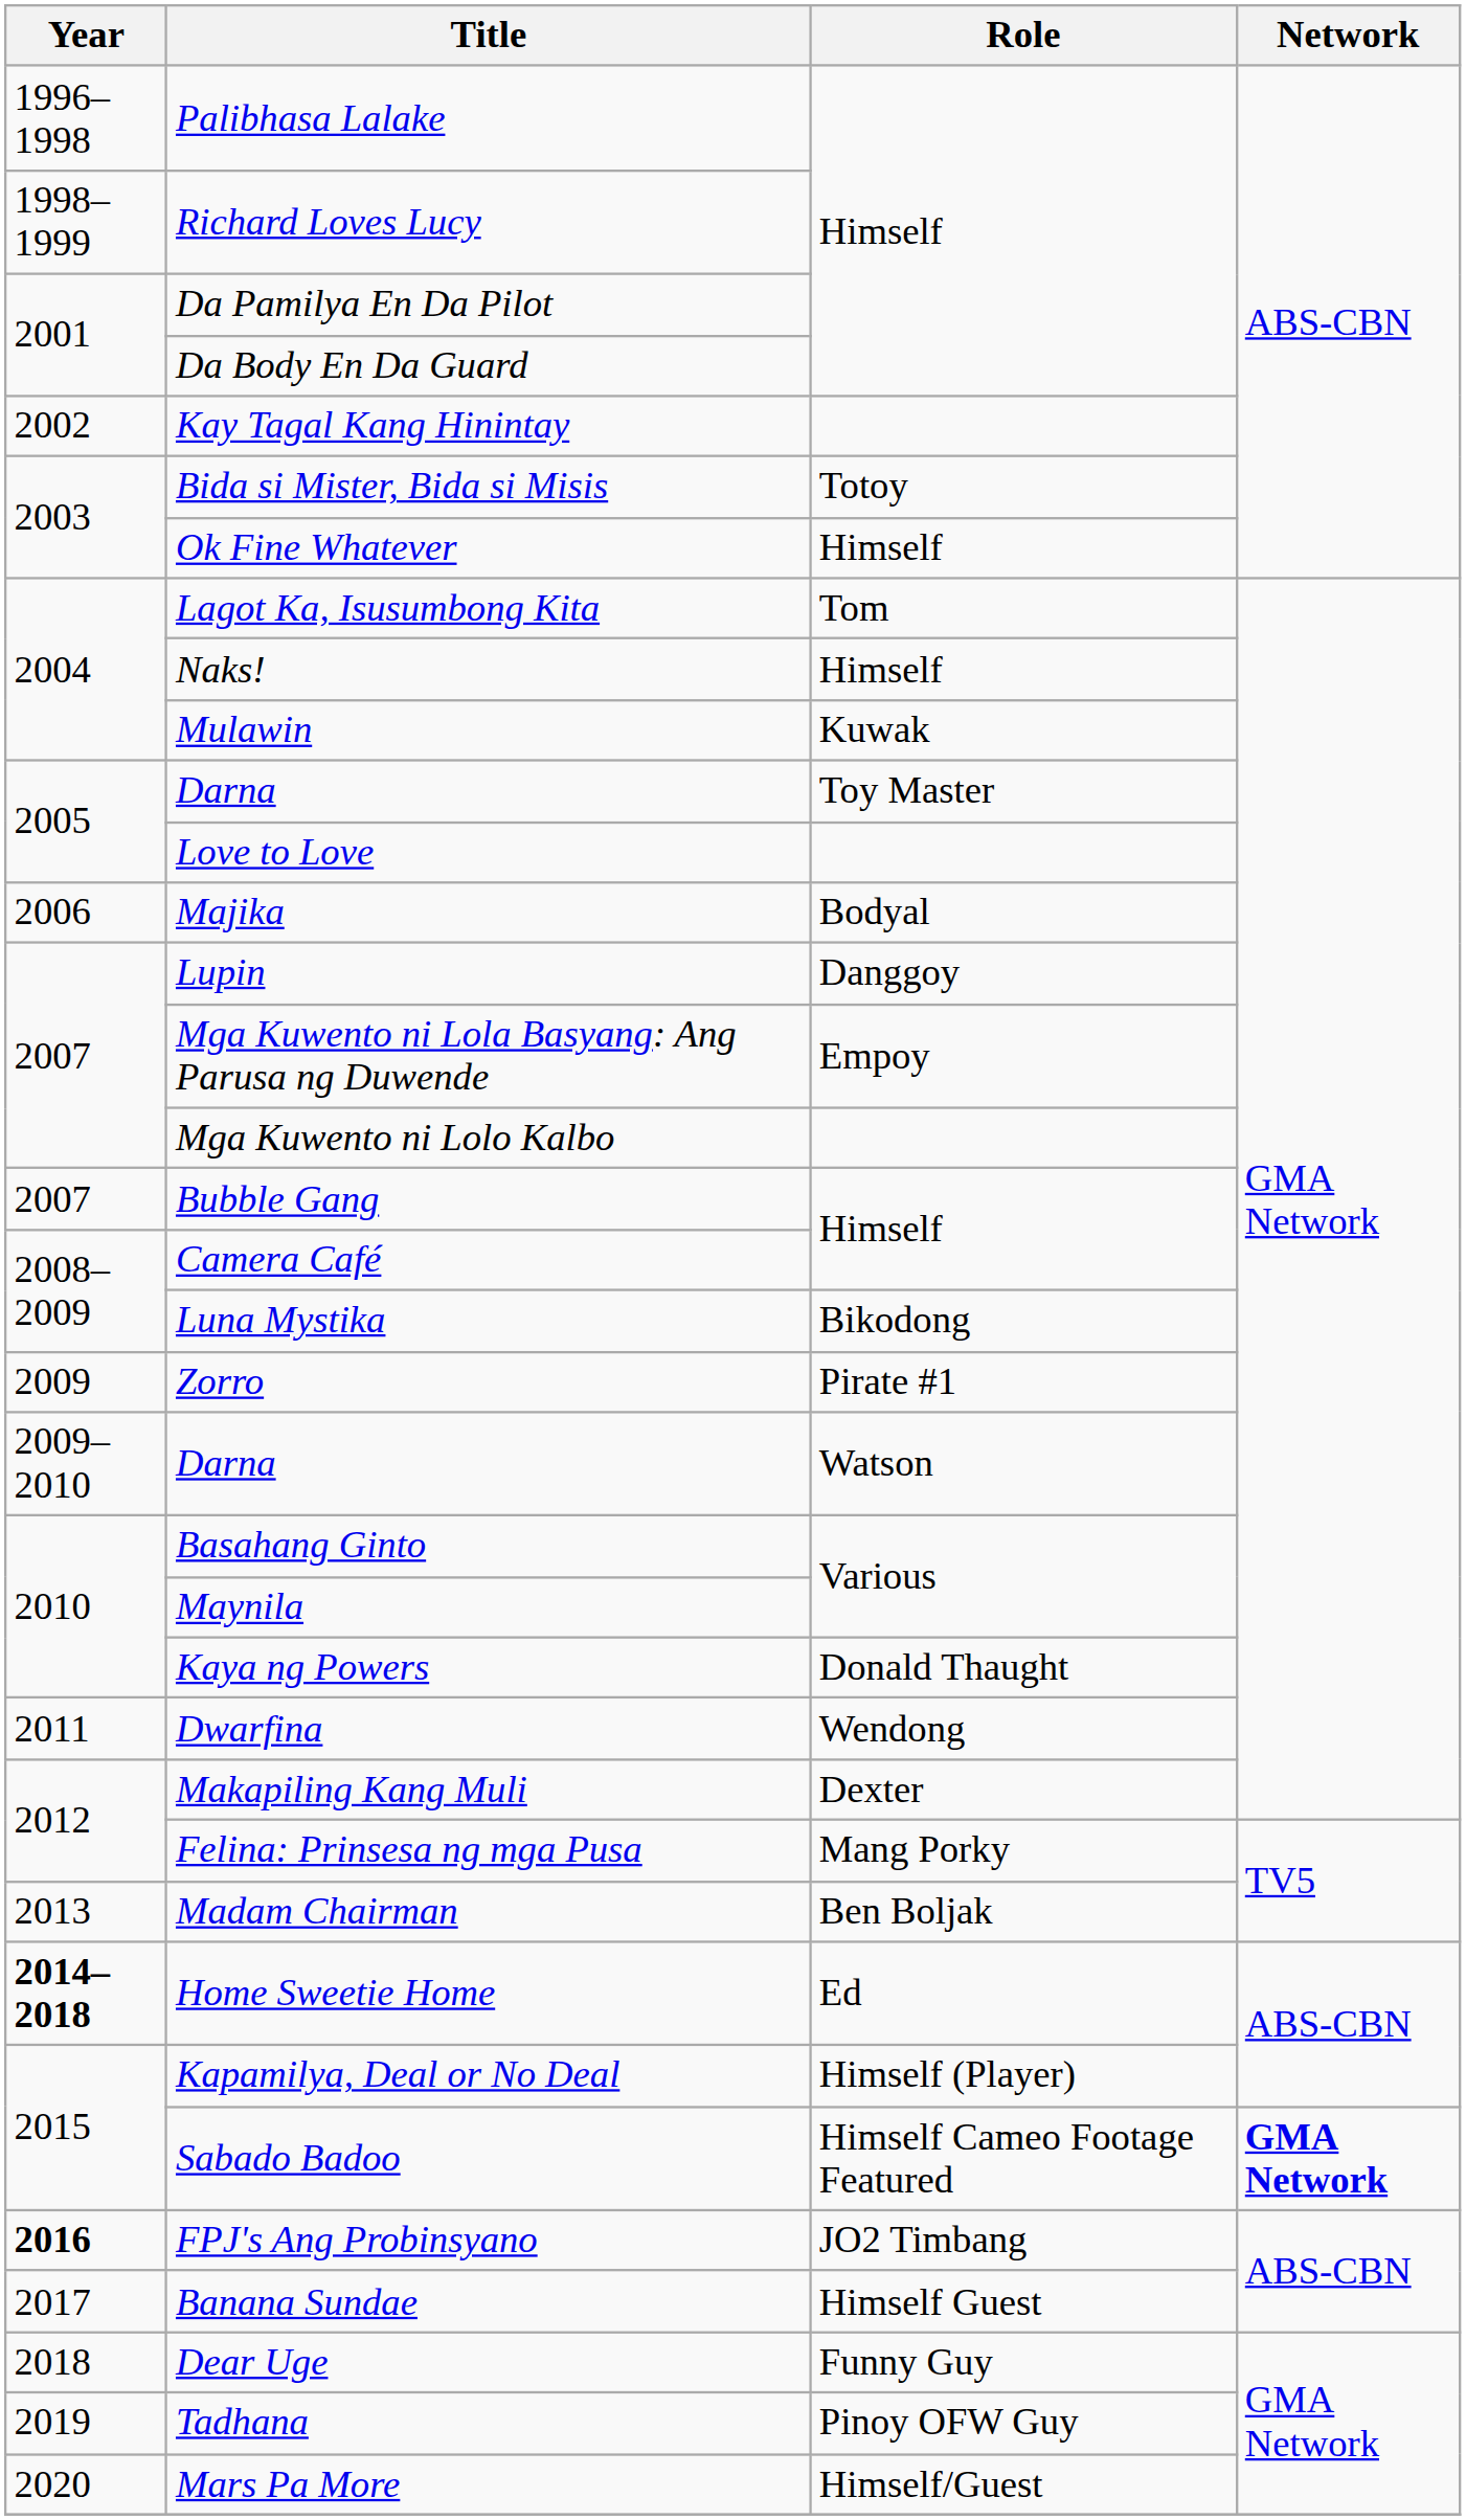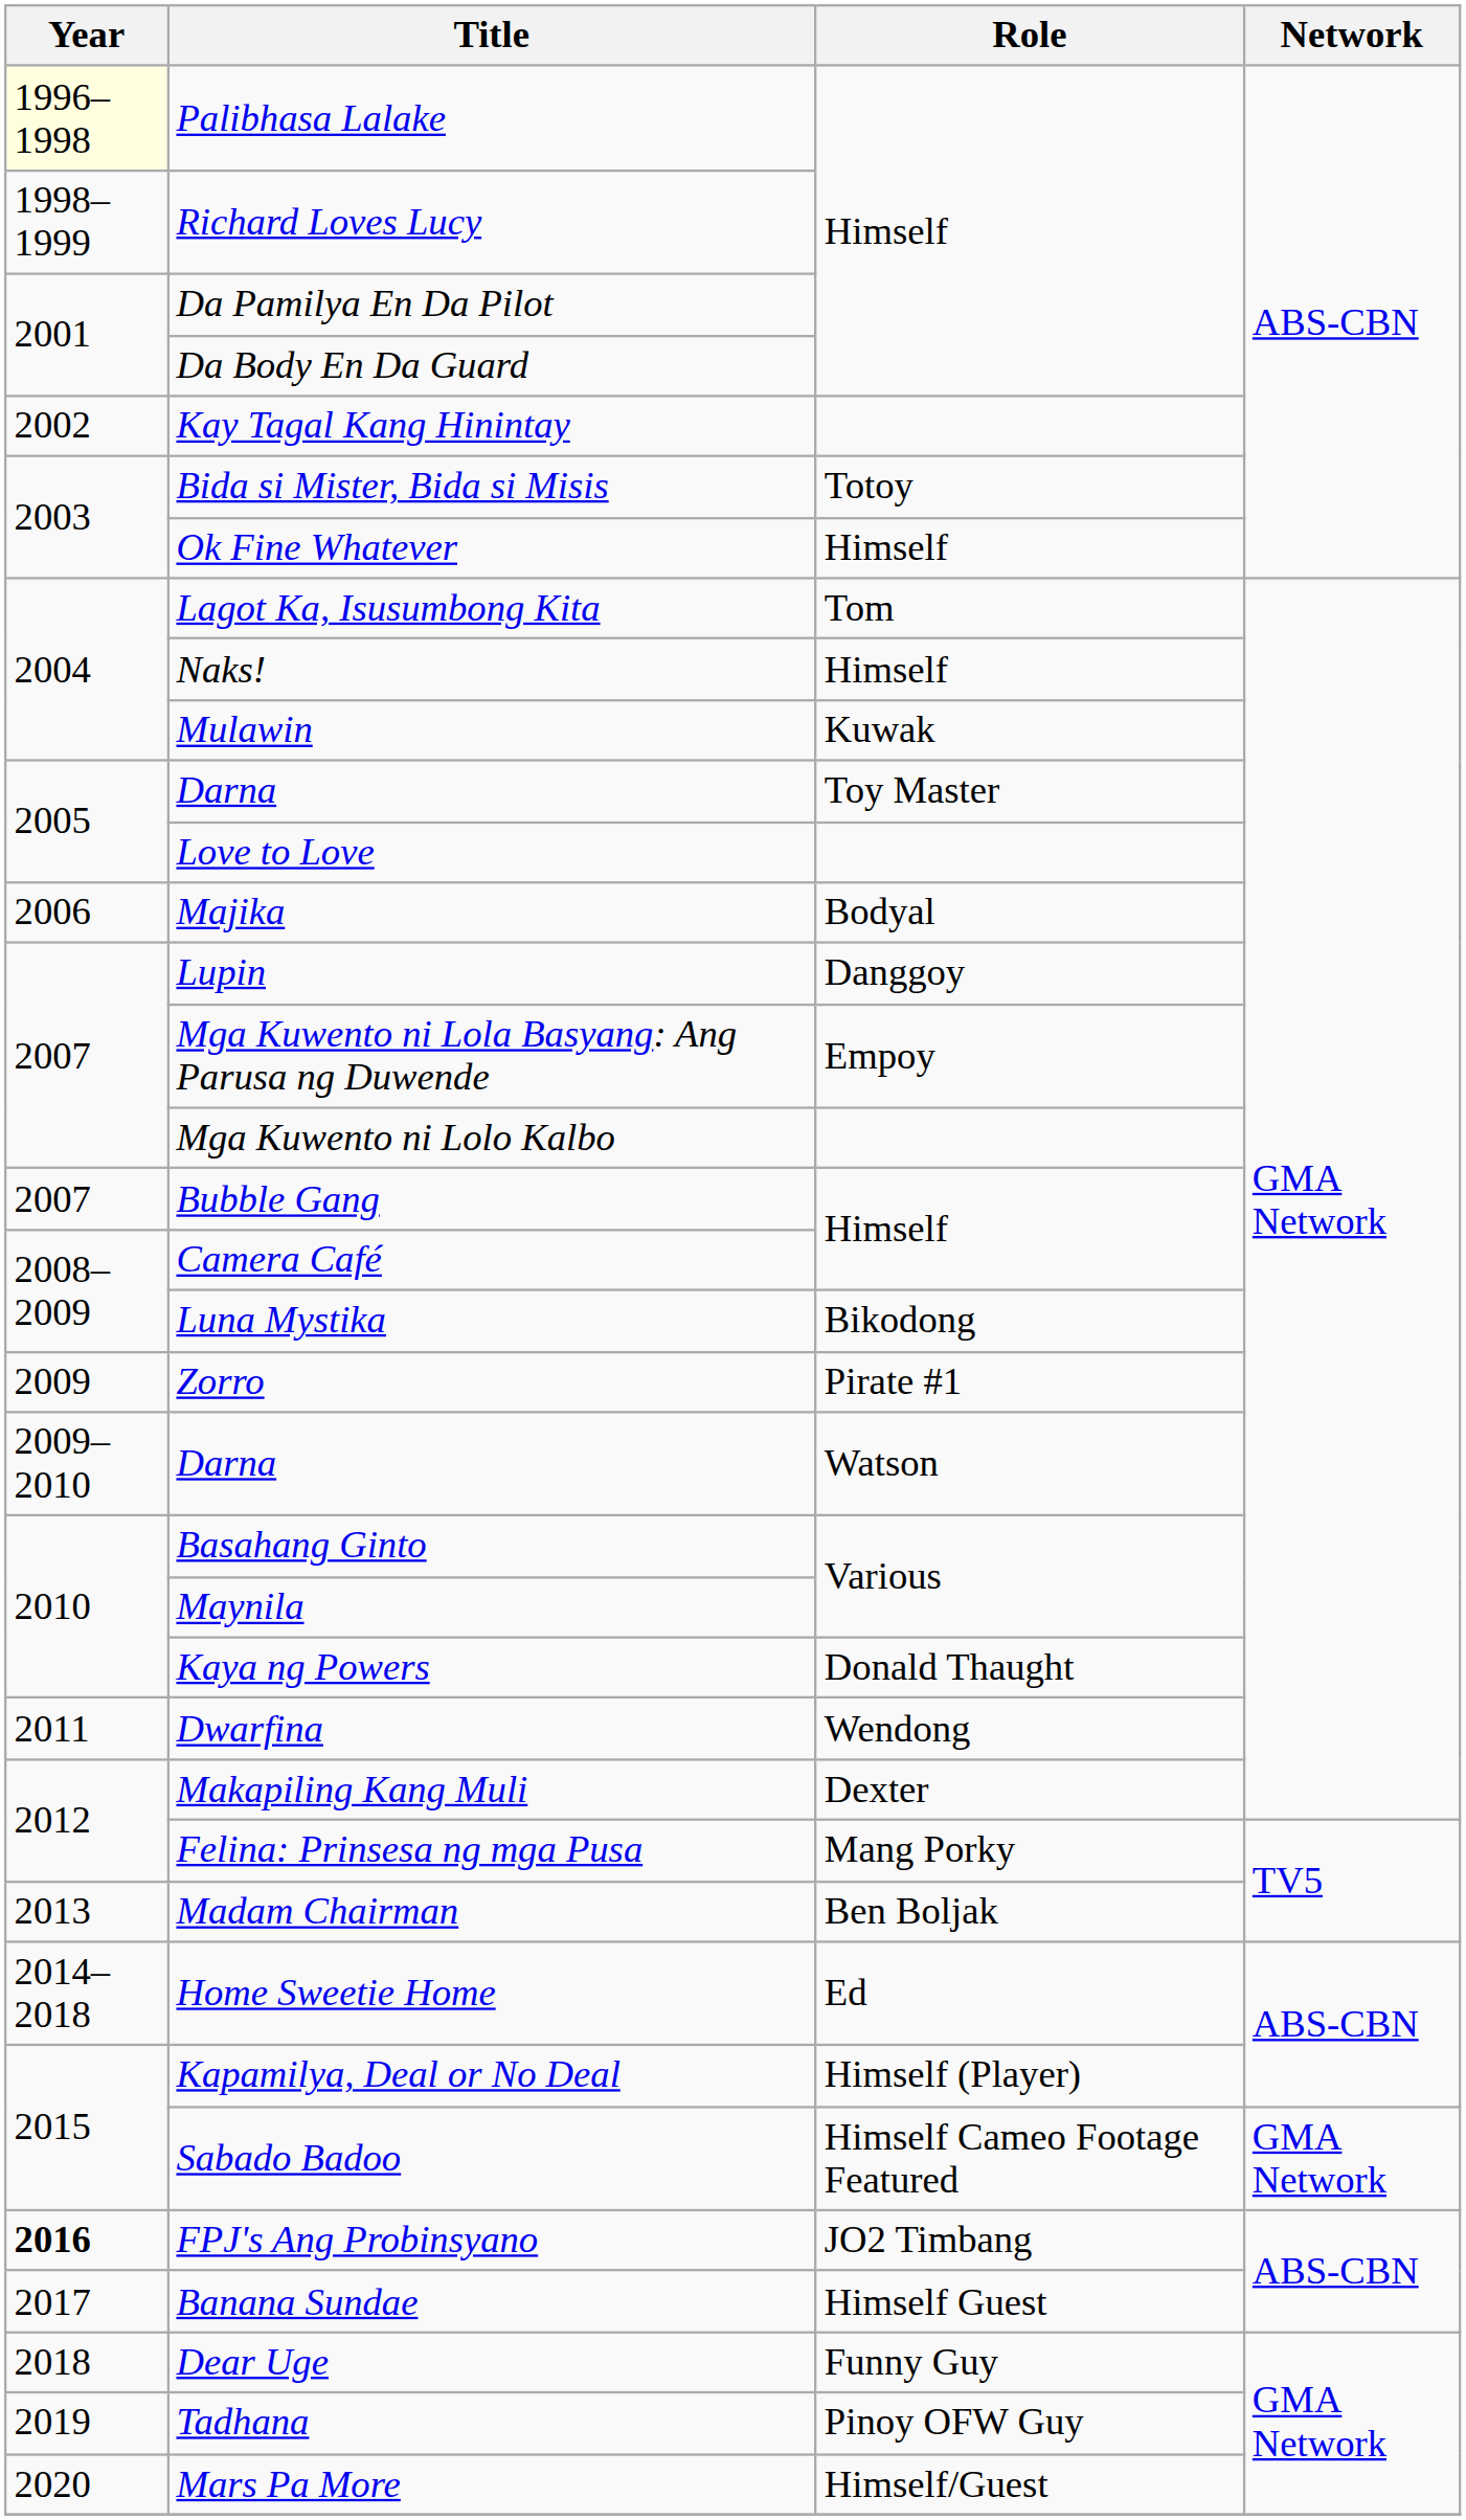 <table class="wikitable sortable">
 <tr>
 <th>Year</th>
 <th>Title</th>
 <th>Role</th>
 <th>Network</th>
 </tr>
 <tr>
-<td>1996–1998</td>
+<td style="background: lightyellow;">1996–1998</td>
 <td><em><a href='#'>Palibhasa Lalake</a></em></td>
 <td rowspan=4>Himself</td>
 <td rowspan=7><a href='#'>ABS-CBN</a></td>
 </tr>
 <tr>
 <td>1998–1999</td>
 <td><em><a href='#'>Richard Loves Lucy</a></em></td>
 </tr>
 <tr>
 <td rowspan="2">2001</td>
 <td><em>Da Pamilya En Da Pilot</em></td>
 </tr>
 <tr>
 <td><em>Da Body En Da Guard</em></td>
 </tr>
 <tr>
 <td>2002</td>
 <td><em><a href='#'>Kay Tagal Kang Hinintay</a></em></td>
 <td></td>
 </tr>
 <tr>
 <td rowspan="2">2003</td>
 <td><em><a href='#'>Bida si Mister, Bida si Misis</a></em></td>
 <td>Totoy</td>
 </tr>
 <tr>
 <td><em><a href='#'>Ok Fine Whatever</a></em></td>
 <td>Himself</td>
 </tr>
 <tr>
 <td rowspan="3">2004</td>
 <td><em><a href='#'>Lagot Ka, Isusumbong Kita</a></em></td>
 <td>Tom</td>
 <td rowspan=19><a href='#'>GMA Network</a></td>
 </tr>
 <tr>
 <td><em>Naks!</em></td>
 <td>Himself</td>
 </tr>
 <tr>
 <td><em><a href='#'>Mulawin</a></em></td>
 <td>Kuwak</td>
 </tr>
 <tr>
 <td rowspan="2">2005</td>
 <td><em><a href='#'>Darna</a></em></td>
 <td>Toy Master</td>
 </tr>
 <tr>
 <td><em><a href='#'>Love to Love</a></em></td>
 <td></td>
 </tr>
 <tr>
 <td>2006</td>
 <td><em><a href='#'>Majika</a></em></td>
 <td>Bodyal</td>
 </tr>
 <tr>
 <td rowspan="3">2007</td>
 <td><em><a href='#'>Lupin</a></em></td>
 <td>Danggoy</td>
 </tr>
 <tr>
 <td><em><a href='#'>Mga Kuwento ni Lola Basyang</a>: Ang Parusa ng Duwende</em></td>
 <td>Empoy</td>
 </tr>
 <tr>
 <td><em>Mga Kuwento ni Lolo Kalbo</em></td>
 <td></td>
 </tr>
 <tr>
 <td>2007</td>
 <td><em><a href='#'>Bubble Gang</a></em></td>
 <td rowspan=2>Himself</td>
 </tr>
 <tr>
 <td rowspan="2">2008–2009</td>
 <td><em><a href='#'>Camera Café</a></em></td>
 </tr>
 <tr>
 <td><em><a href='#'>Luna Mystika</a></em></td>
 <td>Bikodong</td>
 </tr>
 <tr>
 <td>2009</td>
 <td><em><a href='#'>Zorro</a></em></td>
 <td>Pirate #1</td>
 </tr>
 <tr>
 <td>2009–2010</td>
 <td><em><a href='#'>Darna</a></em></td>
 <td>Watson</td>
 </tr>
 <tr>
 <td rowspan="3">2010</td>
 <td><em><a href='#'>Basahang Ginto</a></em></td>
 <td rowspan=2>Various</td>
 </tr>
 <tr>
 <td><em><a href='#'>Maynila</a></em></td>
 </tr>
 <tr>
 <td><em><a href='#'>Kaya ng Powers</a></em></td>
 <td>Donald Thaught</td>
 </tr>
 <tr>
 <td>2011</td>
 <td><em><a href='#'>Dwarfina</a></em></td>
 <td>Wendong</td>
 </tr>
 <tr>
 <td rowspan=2>2012</td>
 <td><em><a href='#'>Makapiling Kang Muli</a></em></td>
 <td>Dexter</td>
 </tr>
 <tr>
 <td><em><a href='#'>Felina: Prinsesa ng mga Pusa</a></em></td>
 <td>Mang Porky</td>
 <td rowspan=2><a href='#'>TV5</a></td>
 </tr>
 <tr>
 <td>2013</td>
 <td><em><a href='#'>Madam Chairman</a></em></td>
 <td>Ben Boljak</td>
 </tr>
 <tr>
-<td><strong>2014–2018</strong></td>
+<td>2014–2018</td>
 <td><em><a href='#'>Home Sweetie Home</a></em></td>
 <td>Ed</td>
 <td rowspan=2><a href='#'>ABS-CBN</a></td>
 </tr>
 <tr>
 <td rowspan=2>2015</td>
 <td><em><a href='#'>Kapamilya, Deal or No Deal</a></em></td>
 <td>Himself (Player)</td>
 </tr>
 <tr>
 <td><em><a href='#'>Sabado Badoo</a></em></td>
 <td>Himself Cameo Footage Featured</td>
-<td><strong><a href='#'>GMA Network</a></strong></td>
+<td><a href='#'>GMA Network</a></td>
 </tr>
 <tr>
 <td><strong>2016</strong></td>
 <td><em><a href='#'>FPJ's Ang Probinsyano</a></em></td>
 <td>JO2 Timbang</td>
 <td rowspan=2><a href='#'>ABS-CBN</a></td>
 </tr>
 <tr>
 <td>2017</td>
 <td><em><a href='#'>Banana Sundae</a></em></td>
 <td>Himself Guest</td>
 </tr>
 <tr>
 <td>2018</td>
 <td><em><a href='#'>Dear Uge</a></em></td>
 <td>Funny Guy</td>
 <td rowspan=3><a href='#'>GMA Network</a></td>
 </tr>
 <tr>
 <td>2019</td>
 <td><em><a href='#'>Tadhana</a></em></td>
 <td>Pinoy OFW Guy</td>
 </tr>
 <tr>
 <td>2020</td>
 <td><em><a href='#'>Mars Pa More</a></em></td>
 <td>Himself/Guest</td>
 </tr>
 <tr>
 </tr>
 </table>
